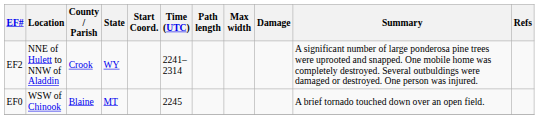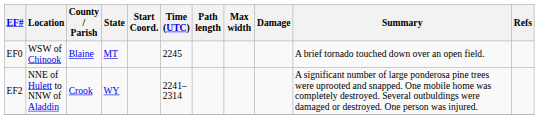 <table class="wikitable sortable" style="width:100%;">
 <tr>
 <th scope="col" width="3%" align="center"><a href='#'>EF#</a></th>
 <th scope="col" width="7%" align="center" class="unsortable">Location</th>
 <th scope="col" width="6%" align="center" class="unsortable">County / Parish</th>
 <th scope="col" width="5%" align="center">State</th>
 <th scope="col" width="6%" align="center">Start Coord.</th>
 <th scope="col" width="6%" align="center">Time (<a href='#'>UTC</a>)</th>
 <th scope="col" width="6%" align="center">Path length</th>
 <th scope="col" width="6%" align="center">Max width</th>
 <th scope="col" width="6%" align="center">Damage</th>
 <th scope="col" width="48%" class="unsortable" align="center">Summary</th>
 <th scope="col" width="48%" class="unsortable" align="center">Refs</th>
 </tr>
 <tr>
+<td>EF0</td>
+<td>WSW of <a href='#'>Chinook</a></td>
+<td><a href='#'>Blaine</a></td>
+<td><a href='#'>MT</a></td>
+<td></td>
+<td>2245</td>
+<td></td>
+<td></td>
+<td></td>
+<td>A brief tornado touched down over an open field.</td>
+<td></td>
+</tr>
+<tr>
 <td>EF2</td>
 <td>NNE of <a href='#'>Hulett</a> to NNW of <a href='#'>Aladdin</a></td>
 <td><a href='#'>Crook</a></td>
 <td><a href='#'>WY</a></td>
 <td></td>
 <td>2241–2314</td>
 <td></td>
 <td></td>
 <td></td>
 <td>A significant number of large ponderosa pine trees were uprooted and snapped. One mobile home was completely destroyed. Several outbuldings were damaged or destroyed. One person was injured.</td>
 <td></td>
 </tr>
 <tr>
-<td>EF0</td>
-<td>WSW of <a href='#'>Chinook</a></td>
-<td><a href='#'>Blaine</a></td>
-<td><a href='#'>MT</a></td>
-<td></td>
-<td>2245</td>
-<td></td>
-<td></td>
-<td></td>
-<td>A brief tornado touched down over an open field.</td>
-<td></td>
-</tr>
-<tr>
 </tr>
 </table>
